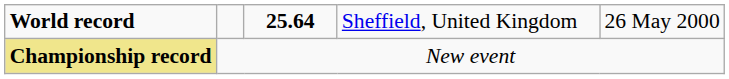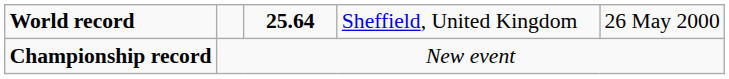 <table class="wikitable">
 <tr>
 <td><strong>World record</strong></td>
 <td style="padding-right:1em"></td>
 <td style="text-align:center;padding-left:1em; padding-right:1em;"><strong>25.64</strong></td>
 <td style="padding-right:1em"><a href='#'>Sheffield</a>, United Kingdom</td>
 <td align=right>26 May 2000</td>
 </tr>
 <tr>
-<td style="background: khaki;"><strong>Championship record</strong></td>
+<td><strong>Championship record</strong></td>
 <td colspan="5" style="text-align:center;"><em>New event</em></td>
 </tr>
 </table>
